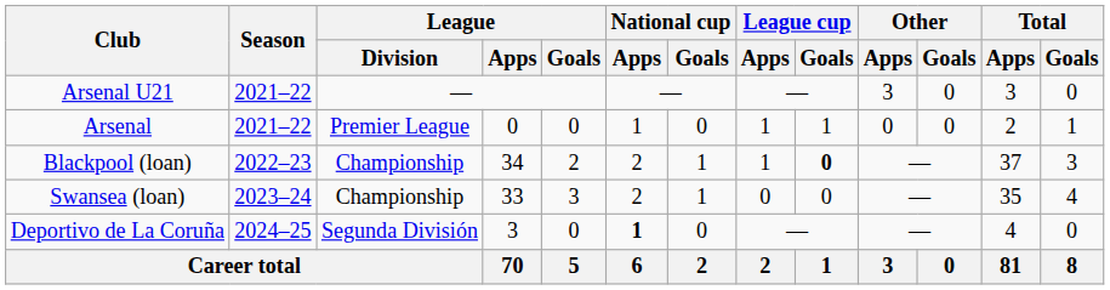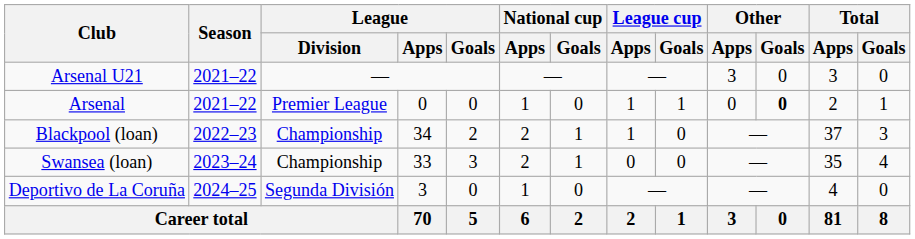 <table class=wikitable style=text-align:center>
 <tr>
 <th rowspan="2">Club</th>
 <th rowspan="2">Season</th>
 <th colspan="3">League</th>
 <th colspan="2">National cup</th>
 <th colspan="2"><a href='#'>League cup</a></th>
 <th colspan="2">Other</th>
 <th colspan="2">Total</th>
 </tr>
 <tr>
 <th>Division</th>
 <th>Apps</th>
 <th>Goals</th>
 <th>Apps</th>
 <th>Goals</th>
 <th>Apps</th>
 <th>Goals</th>
 <th>Apps</th>
 <th>Goals</th>
 <th>Apps</th>
 <th>Goals</th>
 </tr>
 <tr>
 <td><a href='#'>Arsenal U21</a></td>
 <td><a href='#'>2021–22</a></td>
 <td colspan="3">—</td>
 <td colspan="2">—</td>
 <td colspan="2">—</td>
 <td>3</td>
 <td>0</td>
 <td>3</td>
 <td>0</td>
 </tr>
 <tr>
 <td><a href='#'>Arsenal</a></td>
 <td><a href='#'>2021–22</a></td>
 <td><a href='#'>Premier League</a></td>
 <td>0</td>
 <td>0</td>
 <td>1</td>
 <td>0</td>
 <td>1</td>
 <td>1</td>
 <td>0</td>
-<td>0</td>
+<td><strong>0</strong></td>
 <td>2</td>
 <td>1</td>
 </tr>
 <tr>
 <td><a href='#'>Blackpool</a> (loan)</td>
 <td><a href='#'>2022–23</a></td>
 <td><a href='#'>Championship</a></td>
 <td>34</td>
 <td>2</td>
 <td>2</td>
 <td>1</td>
 <td>1</td>
-<td><strong>0</strong></td>
+<td>0</td>
 <td colspan="2">—</td>
 <td>37</td>
 <td>3</td>
 </tr>
 <tr>
 <td><a href='#'>Swansea</a> (loan)</td>
 <td><a href='#'>2023–24</a></td>
 <td>Championship</td>
 <td>33</td>
 <td>3</td>
 <td>2</td>
 <td>1</td>
 <td>0</td>
 <td>0</td>
 <td colspan="2">—</td>
 <td>35</td>
 <td>4</td>
 </tr>
 <tr>
 <td><a href='#'>Deportivo de La Coruña</a></td>
 <td><a href='#'>2024–25</a></td>
 <td><a href='#'>Segunda División</a></td>
 <td>3</td>
 <td>0</td>
-<td><strong>1</strong></td>
+<td>1</td>
 <td>0</td>
 <td colspan="2">—</td>
 <td colspan="2">—</td>
 <td>4</td>
 <td>0</td>
 </tr>
 <tr>
 <th colspan="3">Career total</th>
 <th>70</th>
 <th>5</th>
 <th>6</th>
 <th>2</th>
 <th>2</th>
 <th>1</th>
 <th>3</th>
 <th>0</th>
 <th>81</th>
 <th>8</th>
 </tr>
 </table>
